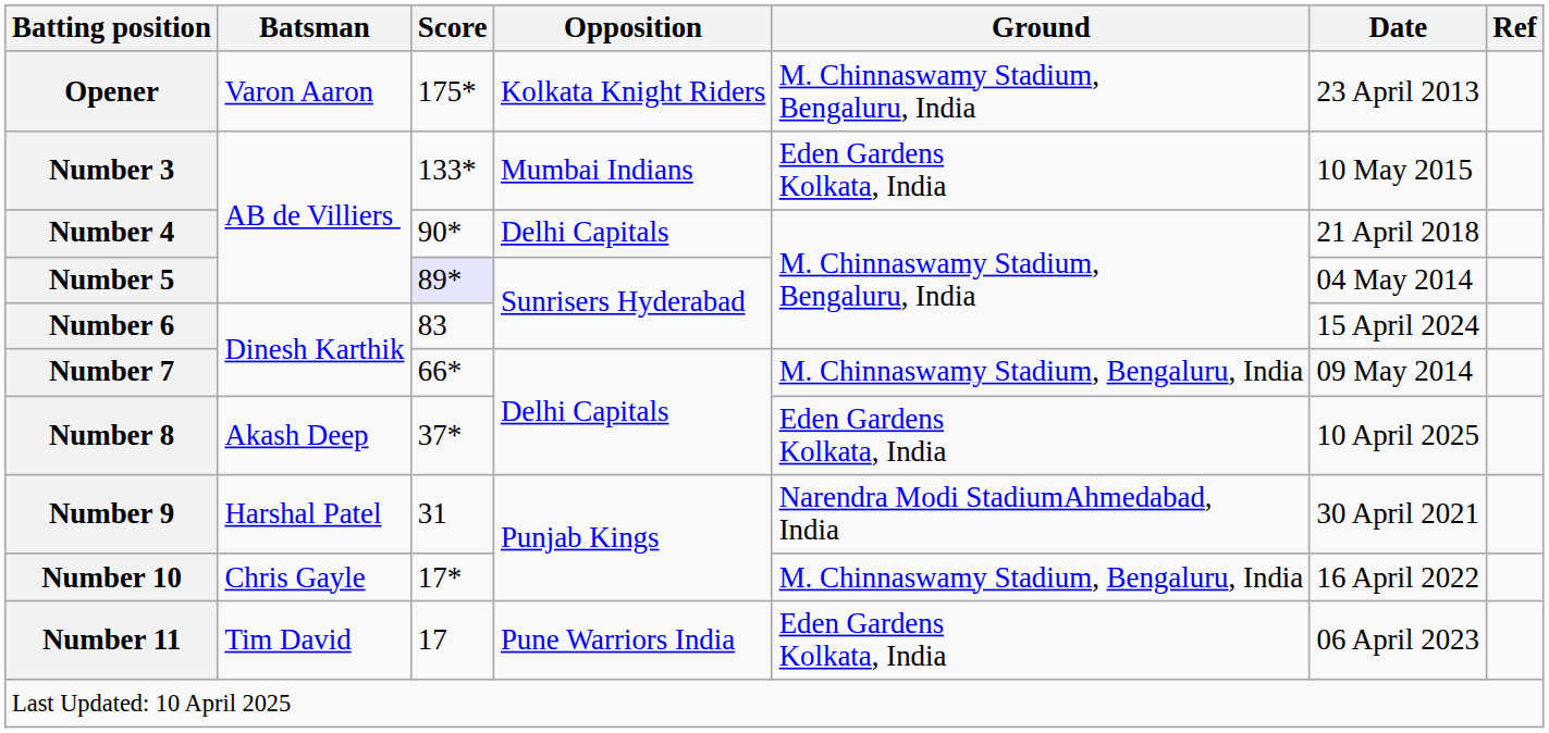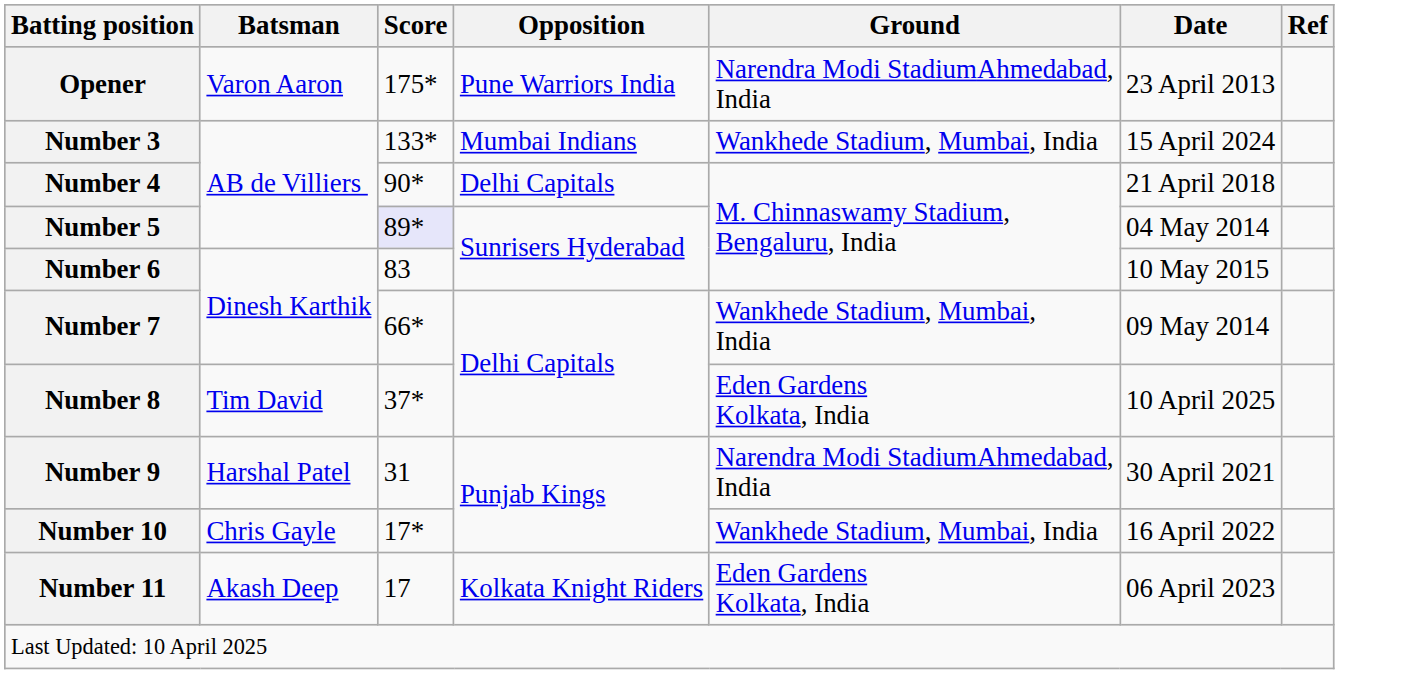 <table class="wikitable sortable">
 <tr>
 <th scope="col">Batting position</th>
 <th scope="col">Batsman</th>
 <th scope="col">Score</th>
 <th scope="col">Opposition</th>
 <th scope="col">Ground</th>
 <th scope="col">Date</th>
 <th scope="col">Ref</th>
 </tr>
 <tr>
 <th scope=row style=text-align:center;>Opener</th>
 <td><a href='#'>Varon Aaron</a></td>
 <td>175*</td>
-<td><a href='#'>Kolkata Knight Riders</a></td>
-<td><a href='#'>M. Chinnaswamy Stadium</a>,<br><a href='#'>Bengaluru</a>, India</td>
+<td><a href='#'>Pune Warriors India</a></td>
+<td><a href='#'>Narendra Modi Stadium</a><a href='#'>Ahmedabad</a>,<br>India</td>
 <td>23 April 2013</td>
 <td></td>
 </tr>
 <tr>
 <th scope=row style=text-align:center;>Number 3</th>
 <td rowspan="3"><a href='#'>AB de Villiers </a></td>
 <td>133*</td>
 <td><a href='#'>Mumbai Indians</a></td>
-<td><a href='#'>Eden Gardens</a><br><a href='#'>Kolkata</a>, India</td>
-<td>10 May 2015</td>
+<td><a href='#'>Wankhede Stadium</a>, <a href='#'>Mumbai</a>, India</td>
+<td>15 April 2024</td>
 <td></td>
 </tr>
 <tr>
 <th scope=row style=text-align:center;>Number 4</th>
 <td>90*</td>
 <td><a href='#'>Delhi Capitals</a></td>
 <td rowspan="3"><a href='#'>M. Chinnaswamy Stadium</a>,<br><a href='#'>Bengaluru</a>, India</td>
 <td>21 April 2018</td>
 <td></td>
 </tr>
 <tr>
 <th scope=row style=text-align:center;>Number 5</th>
 <td style="background: lavender;">89*</td>
 <td rowspan="2"><a href='#'>Sunrisers Hyderabad</a></td>
 <td>04 May 2014</td>
 <td></td>
 </tr>
 <tr>
 <th scope=row style=text-align:center;>Number 6</th>
 <td rowspan="2"><a href='#'>Dinesh Karthik</a></td>
 <td>83</td>
-<td>15 April 2024</td>
+<td>10 May 2015</td>
 <td></td>
 </tr>
 <tr>
 <th scope=row style=text-align:center;>Number 7</th>
 <td>66*</td>
 <td rowspan="2"><a href='#'>Delhi Capitals</a></td>
-<td><a href='#'>M. Chinnaswamy Stadium</a>, <a href='#'>Bengaluru</a>, India</td>
+<td><a href='#'>Wankhede Stadium</a>, <a href='#'>Mumbai</a>,<br>India</td>
 <td>09 May 2014</td>
 <td></td>
 </tr>
 <tr>
 <th scope="row" style="text-align:center;">Number 8</th>
-<td><a href='#'>Akash Deep</a></td>
+<td><a href='#'>Tim David</a></td>
 <td>37*</td>
 <td><a href='#'>Eden Gardens</a><br><a href='#'>Kolkata</a>, India</td>
 <td>10 April 2025</td>
 <td></td>
 </tr>
 <tr>
 <th scope="row" style="text-align:center;">Number 9</th>
 <td><a href='#'>Harshal Patel</a></td>
 <td>31</td>
 <td rowspan="2"><a href='#'>Punjab Kings</a></td>
 <td><a href='#'>Narendra Modi Stadium</a><a href='#'>Ahmedabad</a>,<br>India</td>
 <td>30 April 2021</td>
 <td></td>
 </tr>
 <tr>
 <th scope="row" style="text-align:center;">Number 10</th>
 <td><a href='#'>Chris Gayle</a></td>
 <td>17*</td>
-<td><a href='#'>M. Chinnaswamy Stadium</a>, <a href='#'>Bengaluru</a>, India</td>
+<td><a href='#'>Wankhede Stadium</a>, <a href='#'>Mumbai</a>, India</td>
 <td>16 April 2022</td>
 <td></td>
 </tr>
 <tr>
 <th scope="row" style="text-align:center;">Number 11</th>
-<td><a href='#'>Tim David</a></td>
+<td><a href='#'>Akash Deep</a></td>
 <td>17</td>
-<td><a href='#'>Pune Warriors India</a></td>
+<td><a href='#'>Kolkata Knight Riders</a></td>
 <td><a href='#'>Eden Gardens</a><br><a href='#'>Kolkata</a>, India</td>
 <td>06 April 2023</td>
 <td></td>
 </tr>
 <tr>
 <td colspan="7"><small>Last Updated: 10 April 2025</small></td>
 </tr>
 </table>
